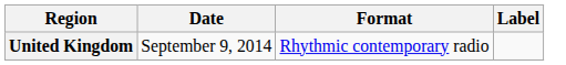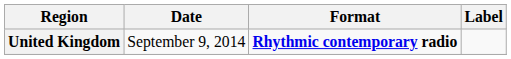 <table class="wikitable plainrowheaders">
 <tr>
 <th scope="col">Region</th>
 <th scope="col">Date</th>
 <th scope="col">Format</th>
 <th scope="col">Label</th>
 </tr>
 <tr>
 <th scope="row">United Kingdom</th>
 <td>September 9, 2014</td>
-<td><a href='#'>Rhythmic contemporary</a> radio</td>
+<td><strong><a href='#'>Rhythmic contemporary</a> radio</strong></td>
 <td></td>
 </tr>
 <tr>
 </tr>
 </table>
